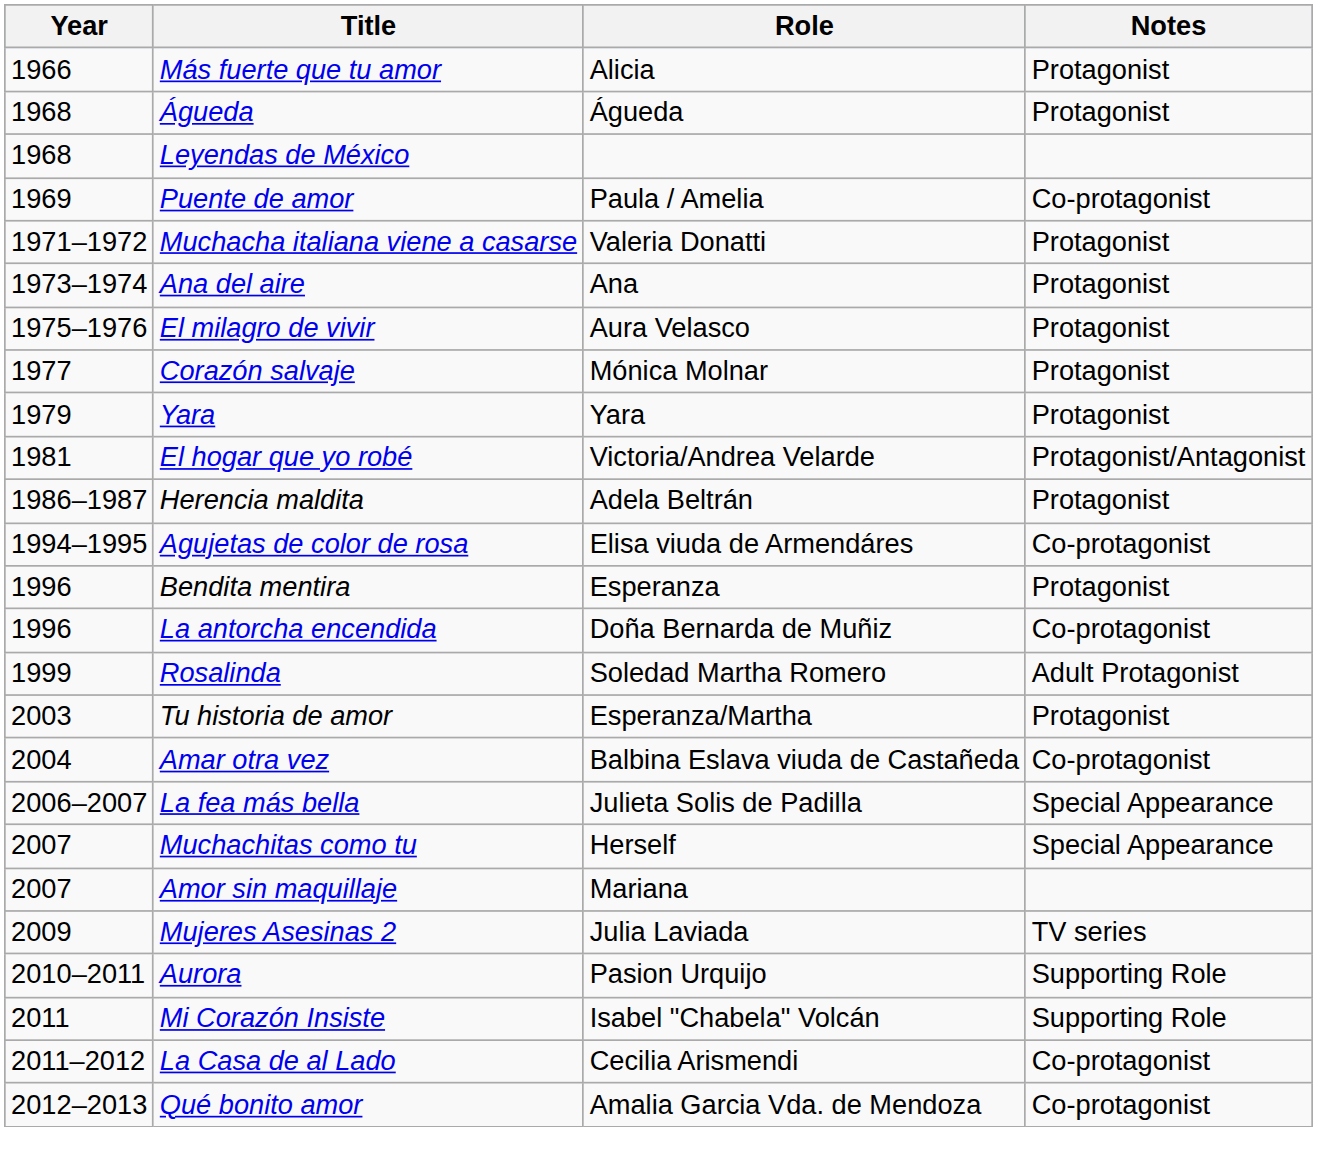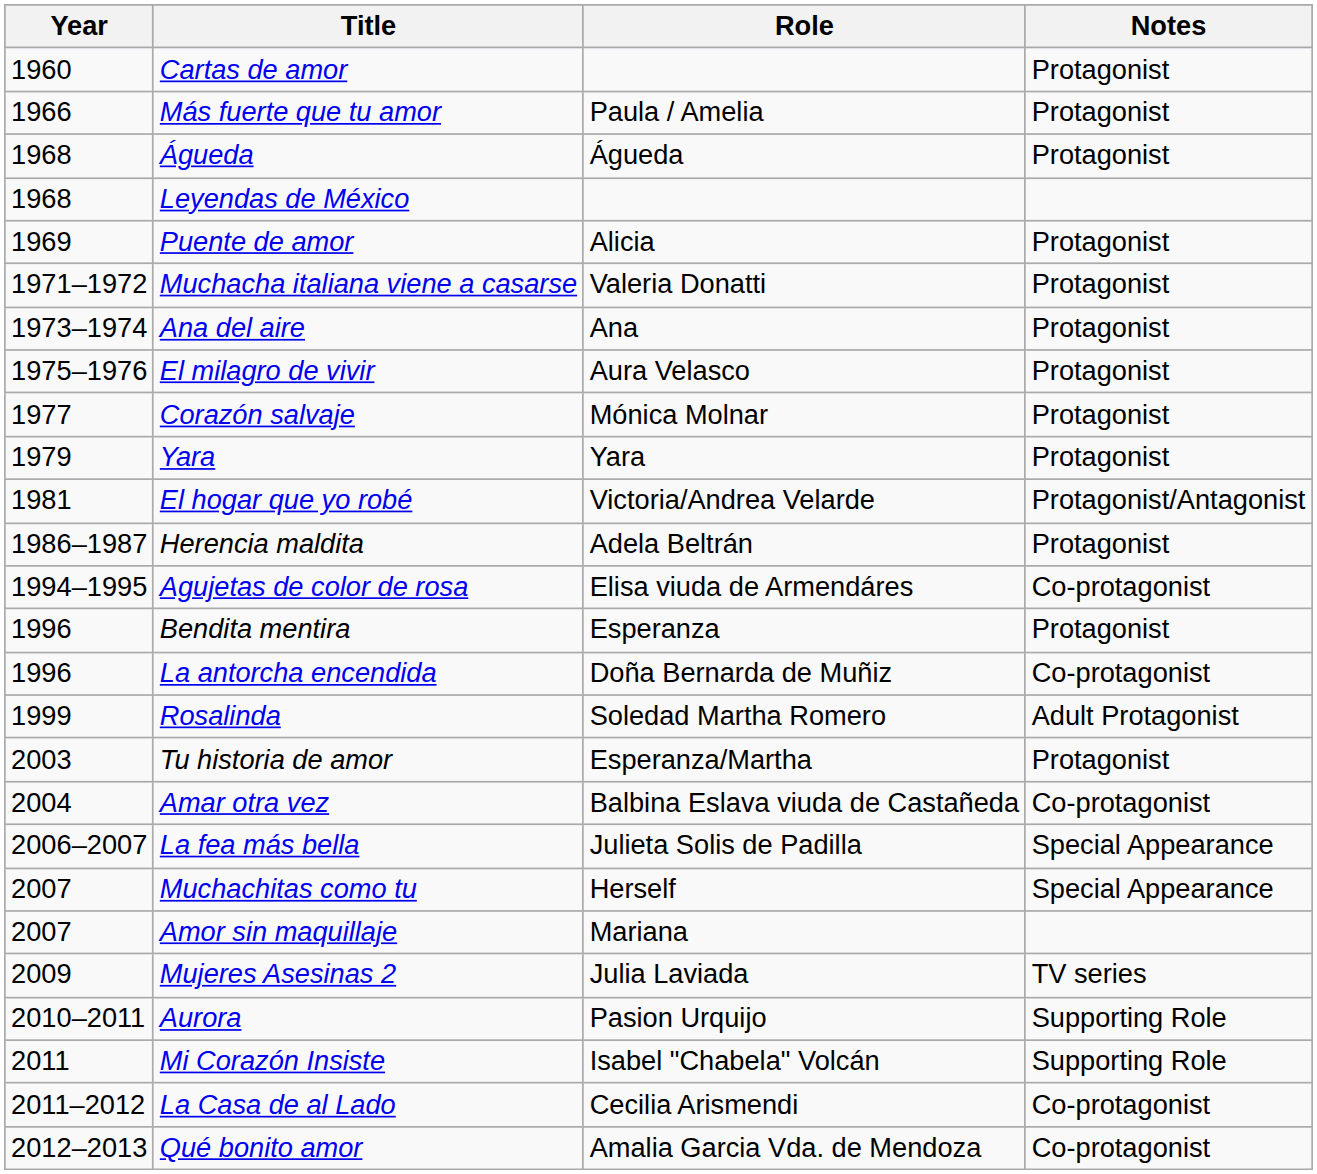 <table class="wikitable">
 <tr style="background:#b0c4de;">
 <th>Year</th>
 <th>Title</th>
 <th>Role</th>
 <th>Notes</th>
 </tr>
 <tr>
+<td>1960</td>
+<td><em><a href='#'>Cartas de amor</a></em></td>
+<td></td>
+<td>Protagonist</td>
+</tr>
+<tr>
 <td>1966</td>
 <td><em><a href='#'>Más fuerte que tu amor</a></em></td>
-<td>Alicia</td>
+<td>Paula / Amelia</td>
 <td>Protagonist</td>
 </tr>
 <tr>
 <td>1968</td>
 <td><em><a href='#'>Águeda</a></em></td>
 <td>Águeda</td>
 <td>Protagonist</td>
 </tr>
 <tr>
 <td>1968</td>
 <td><em><a href='#'>Leyendas de México</a></em></td>
 <td></td>
 <td></td>
 </tr>
 <tr>
 <td>1969</td>
 <td><em><a href='#'>Puente de amor</a></em></td>
-<td>Paula / Amelia</td>
-<td>Co-protagonist</td>
+<td>Alicia</td>
+<td>Protagonist</td>
 </tr>
 <tr>
 <td>1971–1972</td>
 <td><em><a href='#'>Muchacha italiana viene a casarse</a></em></td>
 <td>Valeria Donatti</td>
 <td>Protagonist</td>
 </tr>
 <tr>
 <td>1973–1974</td>
 <td><em><a href='#'>Ana del aire</a></em></td>
 <td>Ana</td>
 <td>Protagonist</td>
 </tr>
 <tr>
 <td>1975–1976</td>
 <td><em><a href='#'>El milagro de vivir</a></em></td>
 <td>Aura Velasco</td>
 <td>Protagonist</td>
 </tr>
 <tr>
 <td>1977</td>
 <td><em><a href='#'>Corazón salvaje</a></em></td>
 <td>Mónica Molnar</td>
 <td>Protagonist</td>
 </tr>
 <tr>
 <td>1979</td>
 <td><em><a href='#'>Yara</a></em></td>
 <td>Yara</td>
 <td>Protagonist</td>
 </tr>
 <tr>
 <td>1981</td>
 <td><em><a href='#'>El hogar que yo robé</a></em></td>
 <td>Victoria/Andrea Velarde</td>
 <td>Protagonist/Antagonist</td>
 </tr>
 <tr>
 <td>1986–1987</td>
 <td><em>Herencia maldita</em></td>
 <td>Adela Beltrán</td>
 <td>Protagonist</td>
 </tr>
 <tr>
 <td>1994–1995</td>
 <td><em><a href='#'>Agujetas de color de rosa</a></em></td>
 <td>Elisa viuda de Armendáres</td>
 <td>Co-protagonist</td>
 </tr>
 <tr>
 <td>1996</td>
 <td><em>Bendita mentira</em></td>
 <td>Esperanza</td>
 <td>Protagonist</td>
 </tr>
 <tr>
 <td>1996</td>
 <td><em><a href='#'>La antorcha encendida</a></em></td>
 <td>Doña Bernarda de Muñiz</td>
 <td>Co-protagonist</td>
 </tr>
 <tr>
 <td>1999</td>
 <td><em><a href='#'>Rosalinda</a></em></td>
 <td>Soledad Martha Romero</td>
 <td>Adult Protagonist</td>
 </tr>
 <tr>
 <td>2003</td>
 <td><em>Tu historia de amor</em></td>
 <td>Esperanza/Martha</td>
 <td>Protagonist</td>
 </tr>
 <tr>
 <td>2004</td>
 <td><em><a href='#'>Amar otra vez</a></em></td>
 <td>Balbina Eslava viuda de Castañeda</td>
 <td>Co-protagonist</td>
 </tr>
 <tr>
 <td>2006–2007</td>
 <td><em><a href='#'>La fea más bella</a></em></td>
 <td>Julieta Solis de Padilla</td>
 <td>Special Appearance</td>
 </tr>
 <tr>
 <td>2007</td>
 <td><em><a href='#'>Muchachitas como tu</a></em></td>
 <td>Herself</td>
 <td>Special Appearance</td>
 </tr>
 <tr>
 <td>2007</td>
 <td><em><a href='#'>Amor sin maquillaje</a></em></td>
 <td>Mariana</td>
 <td></td>
 </tr>
 <tr>
 <td>2009</td>
 <td><em><a href='#'>Mujeres Asesinas 2</a></em></td>
 <td>Julia Laviada</td>
 <td>TV series</td>
 </tr>
 <tr>
 <td>2010–2011</td>
 <td><em><a href='#'>Aurora</a></em></td>
 <td>Pasion Urquijo</td>
 <td>Supporting Role</td>
 </tr>
 <tr>
 <td>2011</td>
 <td><em><a href='#'>Mi Corazón Insiste</a></em></td>
 <td>Isabel "Chabela" Volcán</td>
 <td>Supporting Role</td>
 </tr>
 <tr>
 <td>2011–2012</td>
 <td><em><a href='#'>La Casa de al Lado</a></em></td>
 <td>Cecilia Arismendi</td>
 <td>Co-protagonist</td>
 </tr>
 <tr>
 <td>2012–2013</td>
 <td><em> <a href='#'>Qué bonito amor</a></em></td>
 <td>Amalia Garcia Vda. de Mendoza</td>
 <td>Co-protagonist</td>
 </tr>
 </table>
